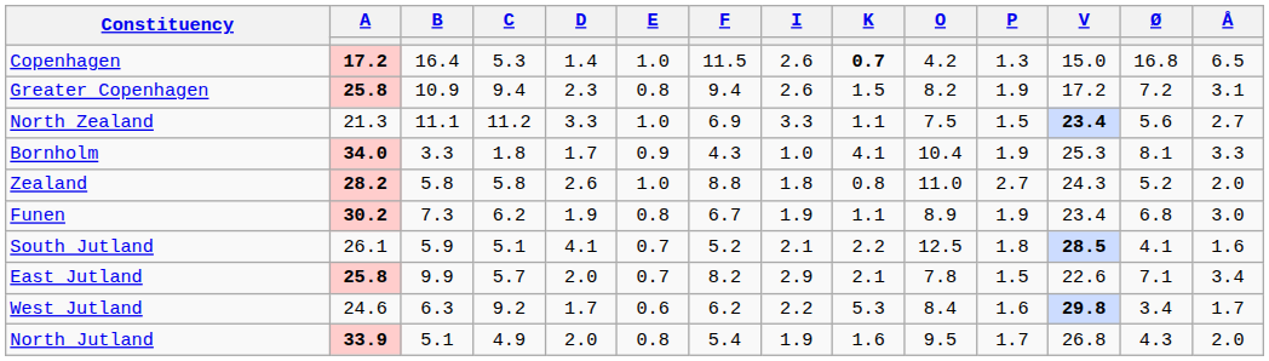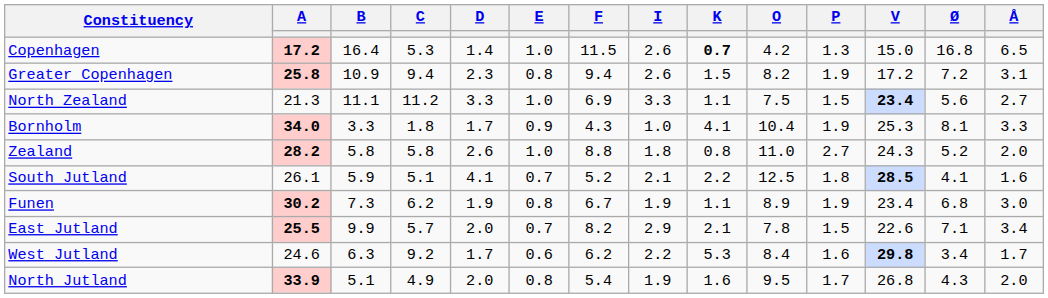 <table class="wikitable sortable" style="text-align:center;font-size:90%;line-height:14px">
 <tr>
 <th rowspan="2" class="wikitable sortable" style="width:200px;"><a href='#'>Constituency</a></th>
 <th class="wikitable sortable" style="width:40px;"><a href='#'>A</a></th>
 <th class="wikitable sortable" style="width:40px;"><a href='#'>B</a></th>
 <th class="wikitable sortable" style="width:40px;"><a href='#'>C</a></th>
 <th class="wikitable sortable" style="width:40px;"><a href='#'>D</a></th>
 <th class="wikitable sortable" style="width:40px;"><a href='#'>E</a></th>
 <th class="wikitable sortable" style="width:40px;"><a href='#'>F</a></th>
 <th class="wikitable sortable" style="width:40px;"><a href='#'>I</a></th>
 <th class="wikitable sortable" style="width:40px;"><a href='#'>K</a></th>
 <th class="wikitable sortable" style="width:40px;"><a href='#'>O</a></th>
 <th class="wikitable sortable" style="width:40px;"><a href='#'>P</a></th>
 <th class="wikitable sortable" style="width:40px;"><a href='#'>V</a></th>
 <th class="wikitable sortable" style="width:40px;"><a href='#'>Ø</a></th>
 <th class="wikitable sortable" style="width:40px;"><a href='#'>Å</a></th>
 </tr>
 <tr>
 <th class="wikitable sortable" style="background:"></th>
 <th class="wikitable sortable" style="background:"></th>
 <th class="wikitable sortable" style="background:"></th>
 <th class="wikitable sortable" style="background:"></th>
 <th class="wikitable sortable" style="background:"></th>
 <th class="wikitable sortable" style="background:"></th>
 <th class="wikitable sortable" style="background:"></th>
 <th class="wikitable sortable" style="background:"></th>
 <th class="wikitable sortable" style="background:"></th>
 <th class="wikitable sortable" style="background:"></th>
 <th class="wikitable sortable" style="background:"></th>
 <th class="wikitable sortable" style="background:"></th>
 <th class="wikitable sortable" style="background:"></th>
 </tr>
 <tr>
 <td align="left"><a href='#'>Copenhagen</a></td>
 <td style="background:#FFCDCC;"><strong>17.2</strong></td>
 <td>16.4</td>
 <td>5.3</td>
 <td>1.4</td>
 <td>1.0</td>
 <td>11.5</td>
 <td>2.6</td>
 <td><strong>0.7</strong></td>
 <td>4.2</td>
 <td>1.3</td>
 <td>15.0</td>
 <td>16.8</td>
 <td>6.5</td>
 </tr>
 <tr>
 <td align="left"><a href='#'>Greater Copenhagen</a></td>
 <td style="background:#FFCDCC;"><strong>25.8</strong></td>
 <td>10.9</td>
 <td>9.4</td>
 <td>2.3</td>
 <td>0.8</td>
 <td>9.4</td>
 <td>2.6</td>
 <td>1.5</td>
 <td>8.2</td>
 <td>1.9</td>
 <td>17.2</td>
 <td>7.2</td>
 <td>3.1</td>
 </tr>
 <tr>
 <td align="left"><a href='#'>North Zealand</a></td>
 <td>21.3</td>
 <td>11.1</td>
 <td>11.2</td>
 <td>3.3</td>
 <td>1.0</td>
 <td>6.9</td>
 <td>3.3</td>
 <td>1.1</td>
 <td>7.5</td>
 <td>1.5</td>
 <td style="background:#CCDCFF;"><strong>23.4</strong></td>
 <td>5.6</td>
 <td>2.7</td>
 </tr>
 <tr>
 <td align="left"><a href='#'>Bornholm</a></td>
 <td style="background:#FFCDCC;"><strong>34.0</strong></td>
 <td>3.3</td>
 <td>1.8</td>
 <td>1.7</td>
 <td>0.9</td>
 <td>4.3</td>
 <td>1.0</td>
 <td>4.1</td>
 <td>10.4</td>
 <td>1.9</td>
 <td>25.3</td>
 <td>8.1</td>
 <td>3.3</td>
 </tr>
 <tr>
 <td align="left"><a href='#'>Zealand</a></td>
 <td style="background:#FFCDCC;"><strong>28.2</strong></td>
 <td>5.8</td>
 <td>5.8</td>
 <td>2.6</td>
 <td>1.0</td>
 <td>8.8</td>
 <td>1.8</td>
 <td>0.8</td>
 <td>11.0</td>
 <td>2.7</td>
 <td>24.3</td>
 <td>5.2</td>
 <td>2.0</td>
 </tr>
 <tr>
+<td align="left"><a href='#'>South Jutland</a></td>
+<td>26.1</td>
+<td>5.9</td>
+<td>5.1</td>
+<td>4.1</td>
+<td>0.7</td>
+<td>5.2</td>
+<td>2.1</td>
+<td>2.2</td>
+<td>12.5</td>
+<td>1.8</td>
+<td style="background:#CCDCFF;"><strong>28.5</strong></td>
+<td>4.1</td>
+<td>1.6</td>
+</tr>
+<tr>
 <td align="left"><a href='#'>Funen</a></td>
 <td style="background:#FFCDCC;"><strong>30.2</strong></td>
 <td>7.3</td>
 <td>6.2</td>
 <td>1.9</td>
 <td>0.8</td>
 <td>6.7</td>
 <td>1.9</td>
 <td>1.1</td>
 <td>8.9</td>
 <td>1.9</td>
 <td>23.4</td>
 <td>6.8</td>
 <td>3.0</td>
 </tr>
 <tr>
-<td align="left"><a href='#'>South Jutland</a></td>
-<td>26.1</td>
-<td>5.9</td>
-<td>5.1</td>
-<td>4.1</td>
-<td>0.7</td>
-<td>5.2</td>
-<td>2.1</td>
-<td>2.2</td>
-<td>12.5</td>
-<td>1.8</td>
-<td style="background:#CCDCFF;"><strong>28.5</strong></td>
-<td>4.1</td>
-<td>1.6</td>
-</tr>
-<tr>
 <td align="left"><a href='#'>East Jutland</a></td>
-<td style="background:#FFCDCC;"><strong>25.8</strong></td>
+<td style="background:#FFCDCC;"><strong>25.5</strong></td>
 <td>9.9</td>
 <td>5.7</td>
 <td>2.0</td>
 <td>0.7</td>
 <td>8.2</td>
 <td>2.9</td>
 <td>2.1</td>
 <td>7.8</td>
 <td>1.5</td>
 <td>22.6</td>
 <td>7.1</td>
 <td>3.4</td>
 </tr>
 <tr>
 <td align="left"><a href='#'>West Jutland</a></td>
 <td>24.6</td>
 <td>6.3</td>
 <td>9.2</td>
 <td>1.7</td>
 <td>0.6</td>
 <td>6.2</td>
 <td>2.2</td>
 <td>5.3</td>
 <td>8.4</td>
 <td>1.6</td>
 <td style="background:#CCDCFF;"><strong>29.8</strong></td>
 <td>3.4</td>
 <td>1.7</td>
 </tr>
 <tr>
 <td align="left"><a href='#'>North Jutland</a></td>
 <td style="background:#FFCDCC;"><strong>33.9</strong></td>
 <td>5.1</td>
 <td>4.9</td>
 <td>2.0</td>
 <td>0.8</td>
 <td>5.4</td>
 <td>1.9</td>
 <td>1.6</td>
 <td>9.5</td>
 <td>1.7</td>
 <td>26.8</td>
 <td>4.3</td>
 <td>2.0</td>
 </tr>
 </table>
